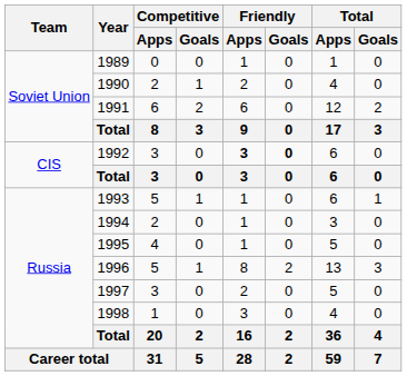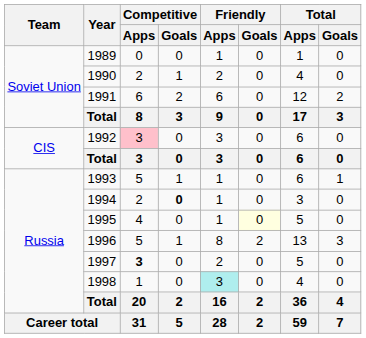 <table class="wikitable" style="text-align:center">
 <tr>
 <th rowspan="2">Team</th>
 <th rowspan="2">Year</th>
 <th colspan="2">Competitive</th>
 <th colspan="2">Friendly</th>
 <th colspan="2">Total</th>
 </tr>
 <tr>
 <th>Apps</th>
 <th>Goals</th>
 <th>Apps</th>
 <th>Goals</th>
 <th>Apps</th>
 <th>Goals</th>
 </tr>
 <tr>
 <td rowspan="4"><a href='#'>Soviet Union</a></td>
 <td>1989</td>
 <td>0</td>
 <td>0</td>
 <td>1</td>
 <td>0</td>
 <td>1</td>
 <td>0</td>
 </tr>
 <tr>
 <td>1990</td>
 <td>2</td>
 <td>1</td>
 <td>2</td>
 <td>0</td>
 <td>4</td>
 <td>0</td>
 </tr>
 <tr>
 <td>1991</td>
 <td>6</td>
 <td>2</td>
 <td>6</td>
 <td>0</td>
 <td>12</td>
 <td>2</td>
 </tr>
 <tr>
 <th>Total</th>
 <th>8</th>
 <th>3</th>
 <th>9</th>
 <th>0</th>
 <th>17</th>
 <th>3</th>
 </tr>
 <tr>
 <td rowspan="2"><a href='#'>CIS</a></td>
 <td>1992</td>
+<td style="background: pink;">3</td>
+<td>0</td>
 <td>3</td>
 <td>0</td>
-<td><strong>3</strong></td>
-<td><strong>0</strong></td>
 <td>6</td>
 <td>0</td>
 </tr>
 <tr>
 <th>Total</th>
 <th>3</th>
 <th>0</th>
 <th>3</th>
 <th>0</th>
 <th>6</th>
 <th>0</th>
 </tr>
 <tr>
 <td rowspan="7"><a href='#'>Russia</a></td>
 <td>1993</td>
 <td>5</td>
 <td>1</td>
 <td>1</td>
 <td>0</td>
 <td>6</td>
 <td>1</td>
 </tr>
 <tr>
 <td>1994</td>
 <td>2</td>
-<td>0</td>
+<td><strong>0</strong></td>
 <td>1</td>
 <td>0</td>
 <td>3</td>
 <td>0</td>
 </tr>
 <tr>
 <td>1995</td>
 <td>4</td>
 <td>0</td>
 <td>1</td>
-<td>0</td>
+<td style="background: lightyellow;">0</td>
 <td>5</td>
 <td>0</td>
 </tr>
 <tr>
 <td>1996</td>
 <td>5</td>
 <td>1</td>
 <td>8</td>
 <td>2</td>
 <td>13</td>
 <td>3</td>
 </tr>
 <tr>
 <td>1997</td>
-<td>3</td>
+<td><strong>3</strong></td>
 <td>0</td>
 <td>2</td>
 <td>0</td>
 <td>5</td>
 <td>0</td>
 </tr>
 <tr>
 <td>1998</td>
 <td>1</td>
 <td>0</td>
-<td>3</td>
+<td style="background: paleturquoise;">3</td>
 <td>0</td>
 <td>4</td>
 <td>0</td>
 </tr>
 <tr>
 <th>Total</th>
 <th>20</th>
 <th>2</th>
 <th>16</th>
 <th>2</th>
 <th>36</th>
 <th>4</th>
 </tr>
 <tr>
 <th colspan="2">Career total</th>
 <th>31</th>
 <th>5</th>
 <th>28</th>
 <th>2</th>
 <th>59</th>
 <th>7</th>
 </tr>
 </table>
